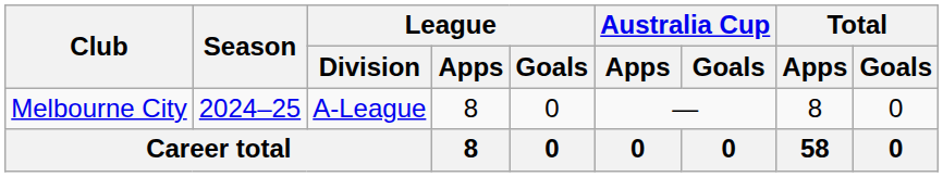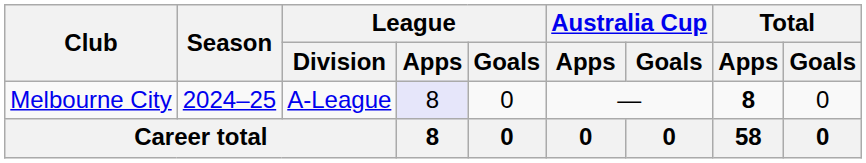 <table class="wikitable" style="text-align: center">
 <tr>
 <th rowspan="2">Club</th>
 <th rowspan="2">Season</th>
 <th colspan="3">League</th>
 <th colspan="2"><a href='#'>Australia Cup</a></th>
 <th colspan="2">Total</th>
 </tr>
 <tr>
 <th>Division</th>
 <th>Apps</th>
 <th>Goals</th>
 <th>Apps</th>
 <th>Goals</th>
 <th>Apps</th>
 <th>Goals</th>
 </tr>
 <tr>
 <td rowspan="1"><a href='#'>Melbourne City</a></td>
 <td><a href='#'>2024–25</a></td>
 <td><a href='#'>A-League</a></td>
-<td>8</td>
+<td style="background: lavender;">8</td>
 <td>0</td>
 <td colspan="2">—</td>
-<td>8</td>
+<td><strong>8</strong></td>
 <td>0</td>
 </tr>
 <tr>
 <th colspan="3">Career total</th>
 <th>8</th>
 <th>0</th>
 <th>0</th>
 <th>0</th>
 <th>58</th>
 <th>0</th>
 </tr>
 </table>
